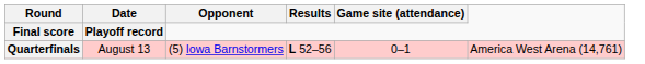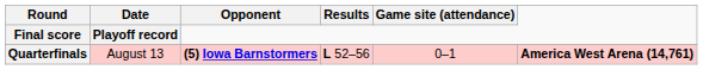 <table class="wikitable" style="font-size: 92%;" "align=center">
 <tr>
 <th>Round</th>
 <th>Date</th>
 <th>Opponent</th>
 <th>Results</th>
 <th>Game site (attendance)</th>
 </tr>
 <tr>
 <th>Final score</th>
 <th>Playoff record</th>
 </tr>
 <tr style="background:#fcc">
 <th>Quarterfinals</th>
 <td style="text-align:center;">August 13</td>
-<td style="text-align:center;">(5) <a href='#'>Iowa Barnstormers</a></td>
+<td style="text-align:center;"><strong>(5) <a href='#'>Iowa Barnstormers</a></strong></td>
 <td style="text-align:center;"><strong>L</strong> 52–56</td>
 <td style="text-align:center;">0–1</td>
-<td style="text-align:center;">America West Arena (14,761)</td>
+<td style="text-align:center;"><strong>America West Arena (14,761)</strong></td>
 </tr>
 </table>
